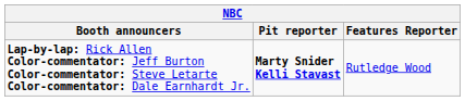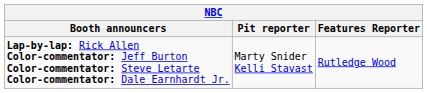 <table class="wikitable">
 <tr>
 <th colspan="3"><a href='#'>NBC</a></th>
 </tr>
 <tr>
 <th>Booth announcers</th>
 <th>Pit reporter</th>
 <th>Features Reporter</th>
 </tr>
 <tr>
 <td><strong>Lap-by-lap:</strong> <a href='#'>Rick Allen</a><br><strong>Color-commentator:</strong> <a href='#'>Jeff Burton</a><br><strong>Color-commentator:</strong> <a href='#'>Steve Letarte</a><br><strong>Color-commentator:</strong> <a href='#'>Dale Earnhardt Jr.</a></td>
-<td><strong>Marty Snider<br><a href='#'>Kelli Stavast</a></strong></td>
+<td>Marty Snider<br><a href='#'>Kelli Stavast</a></td>
 <td><a href='#'>Rutledge Wood</a></td>
 </tr>
 </table>
